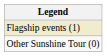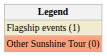 <table class="wikitable" style="font-size:95%;">
 <tr>
 <th>Legend</th>
 </tr>
 <tr style="background:#f2ecce;">
 <td>Flagship events (1)</td>
 </tr>
 <tr>
-<td>Other Sunshine Tour (0)</td>
+<td style="background: lightsalmon;">Other Sunshine Tour (0)</td>
 </tr>
 </table>
